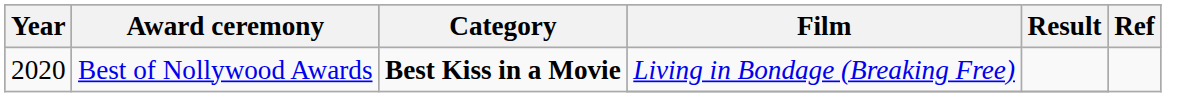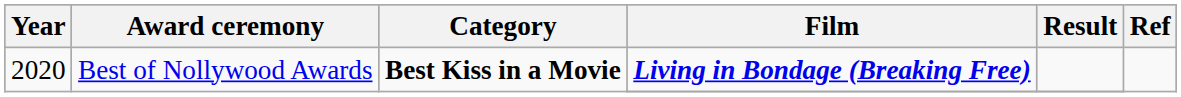 <table class="wikitable">
 <tr>
 <th>Year</th>
 <th>Award ceremony</th>
 <th>Category</th>
 <th>Film</th>
 <th>Result</th>
 <th>Ref</th>
 </tr>
 <tr>
 <td rowspan="2">2020</td>
 <td rowspan="2"><a href='#'>Best of Nollywood Awards</a></td>
 <td rowspan="2"><strong>Best Kiss in a Movie</strong></td>
-<td><em><a href='#'>Living in Bondage (Breaking Free)</a></em></td>
+<td><strong><em><a href='#'>Living in Bondage (Breaking Free)</a></em></strong></td>
 <td></td>
 <td rowspan="2"></td>
 </tr>
 <tr>
 </tr>
 </table>
